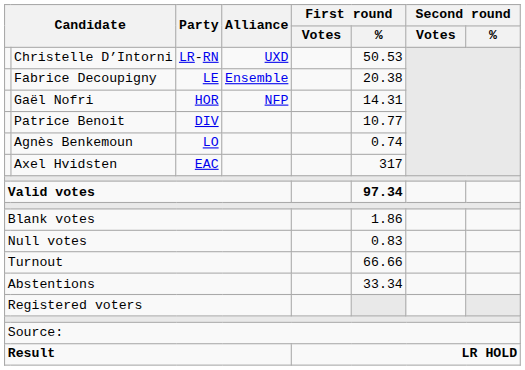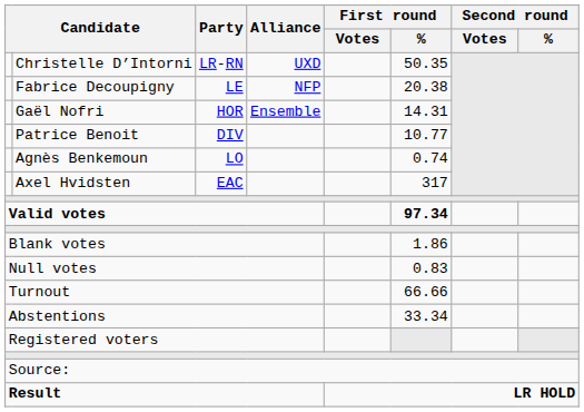 <table class="wikitable" style="text-align:right;font-size:95%;">
 <tr>
 <th colspan="2" rowspan="2">Candidate</th>
 <th colspan="1" rowspan="2">Party</th>
 <th colspan="1" rowspan="2">Alliance</th>
 <th colspan="2">First round</th>
 <th colspan="2">Second round</th>
 </tr>
 <tr>
 <th style="width:50px;">Votes</th>
 <th style="width:45px;">%</th>
 <th style="width:50px;">Votes</th>
 <th style="width:45px;">%</th>
 </tr>
 <tr>
 <td style="color:inherit;background:"></td>
 <td style="text-align:left;">Christelle D’Intorni</td>
 <td><a href='#'>LR</a>-<a href='#'>RN</a></td>
 <td><a href='#'>UXD</a></td>
 <td></td>
-<td>50.53</td>
+<td>50.35</td>
 <td colspan="2" rowspan="6" style="background:#E9E9E9;"></td>
 </tr>
 <tr>
 <td style="color:inherit;background:"></td>
 <td style="text-align:left;">Fabrice Decoupigny</td>
 <td><a href='#'>LE</a></td>
-<td><a href='#'>Ensemble</a></td>
+<td><a href='#'>NFP</a></td>
 <td></td>
 <td>20.38</td>
 </tr>
 <tr>
 <td style="color:inherit;background:"></td>
 <td style="text-align:left;">Gaël Nofri</td>
 <td><a href='#'>HOR</a></td>
-<td><a href='#'>NFP</a></td>
+<td><a href='#'>Ensemble</a></td>
 <td></td>
 <td>14.31</td>
 </tr>
 <tr>
 <td style="color:inherit;background:"></td>
 <td style="text-align:left;">Patrice Benoit</td>
 <td><a href='#'>DIV</a></td>
 <td></td>
 <td></td>
 <td>10.77</td>
 </tr>
 <tr>
 <td style="color:inherit;background:"></td>
 <td style="text-align:left;">Agnès Benkemoun</td>
 <td><a href='#'>LO</a></td>
 <td></td>
 <td></td>
 <td>0.74</td>
 </tr>
 <tr>
 <td style="color:inherit;background:"></td>
 <td style="text-align:left;">Axel Hvidsten</td>
 <td><a href='#'>EAC</a></td>
 <td></td>
 <td></td>
 <td>317</td>
 </tr>
 <tr>
 <td colspan="8" style="background:#E9E9E9;"></td>
 </tr>
 <tr style="font-weight:bold;">
 <td colspan="4" style="text-align:left;">Valid votes</td>
 <td></td>
 <td>97.34</td>
 <td></td>
 <td></td>
 </tr>
 <tr>
 <td colspan="8" style="background:#E9E9E9;"></td>
 </tr>
 <tr>
 <td colspan="4" style="text-align:left;">Blank votes</td>
 <td></td>
 <td>1.86</td>
 <td></td>
 <td></td>
 </tr>
 <tr>
 <td colspan="4" style="text-align:left;">Null votes</td>
 <td></td>
 <td>0.83</td>
 <td></td>
 <td></td>
 </tr>
 <tr>
 <td colspan="4" style="text-align:left;">Turnout</td>
 <td></td>
 <td>66.66</td>
 <td></td>
 <td></td>
 </tr>
 <tr>
 <td colspan="4" style="text-align:left;">Abstentions</td>
 <td></td>
 <td>33.34</td>
 <td></td>
 <td></td>
 </tr>
 <tr>
 <td colspan="4" style="text-align:left;">Registered voters</td>
 <td></td>
 <td style="background:#E9E9E9;"></td>
 <td></td>
 <td style="background:#E9E9E9;"></td>
 </tr>
 <tr>
 <td colspan="8" style="background:#E9E9E9;"></td>
 </tr>
 <tr>
 <td colspan="8" style="text-align:left;">Source: </td>
 </tr>
 <tr style="font-weight:bold">
 <td colspan="4" style="text-align:left;">Result</td>
 <td colspan="4" style="background-color:">LR HOLD</td>
 </tr>
 </table>
